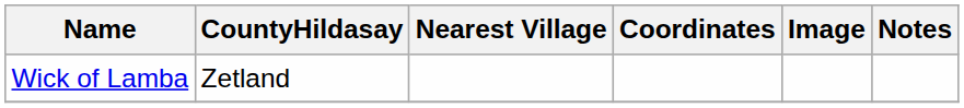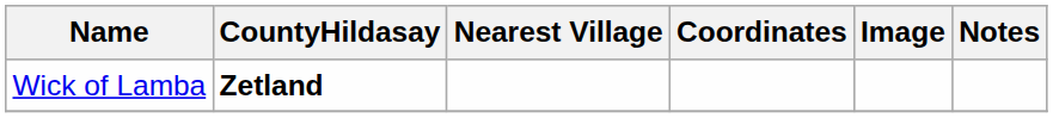 <table class="wikitable sortable" style="table-layout:fixed;background-color:#FEFEFE;font-size:95%;padding:0.30em;line-height:1.35em;">
 <tr>
 <th scope="col">Name</th>
 <th scope="col">CountyHildasay</th>
 <th scope="col">Nearest Village</th>
 <th scope="col" data-sort-type="number">Coordinates</th>
 <th scope="col">Image</th>
 <th scope="col">Notes</th>
 </tr>
 <tr>
 <td><a href='#'>Wick of Lamba</a></td>
-<td>Zetland</td>
+<td><strong>Zetland</strong></td>
 <td></td>
 <td></td>
 <td></td>
 <td></td>
 </tr>
 <tr>
 </tr>
 </table>
